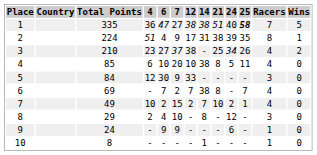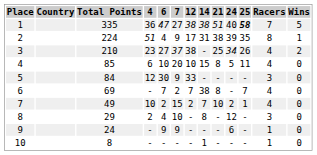 <table border="0" style="border: 1px solid #999; background-color:#FFFFFF; text-align:center">
 <tr align="center" bgcolor="#CCCCCC">
 <th>Place</th>
 <th>Country</th>
 <th>Total Points</th>
 <th>4</th>
 <th>6</th>
 <th>7</th>
 <th>12</th>
 <th>14</th>
 <th>21</th>
 <th>24</th>
 <th>25</th>
 <th>Racers</th>
 <th>Wins</th>
 </tr>
 <tr bgcolor="#EFEFEF">
 <td>1</td>
 <td align="left"></td>
 <td>335</td>
 <td>36</td>
 <td><em>47</em></td>
 <td>27</td>
 <td><em>38</em></td>
 <td><em>38</em></td>
 <td><em>51</em></td>
 <td>40</td>
 <td><strong><em>58</em></strong></td>
 <td>7</td>
 <td>5</td>
 </tr>
 <tr>
 <td>2</td>
 <td align="left"></td>
 <td>224</td>
 <td><em>51</em></td>
 <td>4</td>
 <td>9</td>
 <td>17</td>
 <td>31</td>
 <td>38</td>
 <td>39</td>
 <td>35</td>
 <td>8</td>
 <td>1</td>
 </tr>
 <tr bgcolor="#EFEFEF">
 <td>3</td>
 <td align="left"></td>
 <td>210</td>
 <td>23</td>
 <td>27</td>
 <td><em>37</em></td>
 <td>38</td>
 <td>-</td>
 <td>25</td>
 <td><em>34</em></td>
 <td>26</td>
 <td>4</td>
 <td>2</td>
 </tr>
 <tr>
 <td>4</td>
 <td align="left"></td>
 <td>85</td>
 <td>6</td>
 <td>10</td>
 <td>20</td>
 <td>10</td>
-<td>38</td>
+<td>15</td>
 <td>8</td>
 <td>5</td>
 <td>11</td>
 <td>4</td>
 <td>0</td>
 </tr>
 <tr bgcolor="#EFEFEF">
 <td>5</td>
 <td align="left"></td>
 <td>84</td>
 <td>12</td>
 <td>30</td>
 <td>9</td>
 <td>33</td>
 <td>-</td>
 <td>-</td>
 <td>-</td>
 <td>-</td>
 <td>3</td>
 <td>0</td>
 </tr>
 <tr>
 <td>6</td>
 <td align="left"></td>
 <td>69</td>
 <td>-</td>
 <td>7</td>
 <td>2</td>
 <td>7</td>
 <td>38</td>
 <td>8</td>
 <td>-</td>
 <td>7</td>
 <td>4</td>
 <td>0</td>
 </tr>
 <tr bgcolor="#EFEFEF">
 <td>7</td>
 <td align="left"></td>
 <td>49</td>
 <td>10</td>
 <td>2</td>
 <td>15</td>
 <td>2</td>
 <td>7</td>
 <td>10</td>
 <td>2</td>
 <td>1</td>
 <td>4</td>
 <td>0</td>
 </tr>
 <tr>
 <td>8</td>
 <td align="left"></td>
 <td>29</td>
 <td>2</td>
 <td>4</td>
 <td>10</td>
 <td>-</td>
 <td>8</td>
 <td>-</td>
 <td>12</td>
 <td>-</td>
 <td>3</td>
 <td>0</td>
 </tr>
 <tr bgcolor="#EFEFEF">
 <td>9</td>
 <td align="left"></td>
 <td>24</td>
 <td>-</td>
 <td>9</td>
 <td>9</td>
 <td>-</td>
 <td>-</td>
 <td>-</td>
 <td>6</td>
 <td>-</td>
 <td>1</td>
 <td>0</td>
 </tr>
 <tr>
 <td>10</td>
 <td align="left"></td>
 <td>8</td>
 <td>-</td>
 <td>-</td>
 <td>-</td>
 <td>-</td>
 <td>1</td>
 <td>-</td>
 <td>-</td>
 <td>-</td>
 <td>1</td>
 <td>0</td>
 </tr>
 </table>
